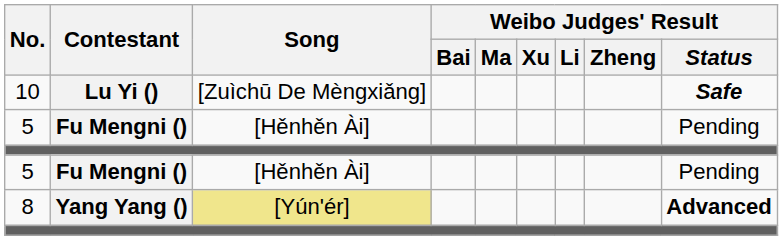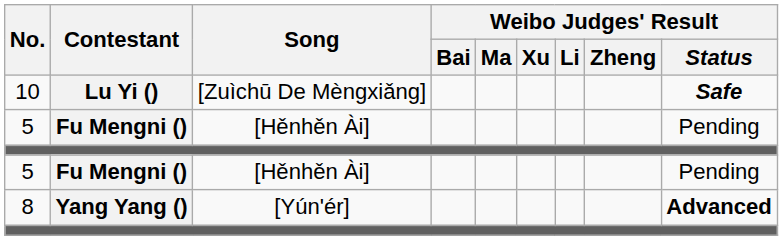 <table class="wikitable plainrowheaders" style="text-align:center;">
 <tr>
 <th scope="col" rowspan="2">No.</th>
 <th scope="col" rowspan="2">Contestant</th>
 <th scope="col" rowspan="2">Song</th>
 <th scope="col" colspan="8">Weibo Judges' Result</th>
 </tr>
 <tr>
 <th scope="col">Bai</th>
 <th scope="col">Ma</th>
 <th scope="col">Xu</th>
 <th scope="col">Li</th>
 <th scope="col">Zheng</th>
 <th scope="col"><em>Status</em></th>
 </tr>
 <tr>
 <td>10</td>
 <th scope="row">Lu Yi ()</th>
 <td> [Zuìchū De Mèngxiǎng]</td>
 <td></td>
 <td></td>
 <td></td>
 <td></td>
 <td></td>
 <td><strong><em>Safe</em></strong></td>
 </tr>
 <tr>
 <td>5</td>
 <th scope="row">Fu Mengni ()</th>
 <td> [Hěnhěn Ài]</td>
 <td></td>
 <td></td>
 <td></td>
 <td></td>
 <td></td>
 <td>Pending</td>
 </tr>
 <tr style = "background:#606060; height: 2pt">
 <td colspan = "12"></td>
 </tr>
 <tr>
 <td>5</td>
 <th scope="row">Fu Mengni ()</th>
 <td> [Hěnhěn Ài]</td>
 <td></td>
 <td></td>
 <td></td>
 <td></td>
 <td></td>
 <td>Pending</td>
 </tr>
 <tr>
 <td>8</td>
 <th scope="row">Yang Yang ()</th>
-<td style="background: khaki;"> [Yún'ér]</td>
+<td> [Yún'ér]</td>
 <td></td>
 <td></td>
 <td></td>
 <td></td>
 <td></td>
 <td><strong>Advanced</strong></td>
 </tr>
 <tr style = "background:#606060; height: 2pt">
 <td colspan = "12"></td>
 </tr>
 </table>
